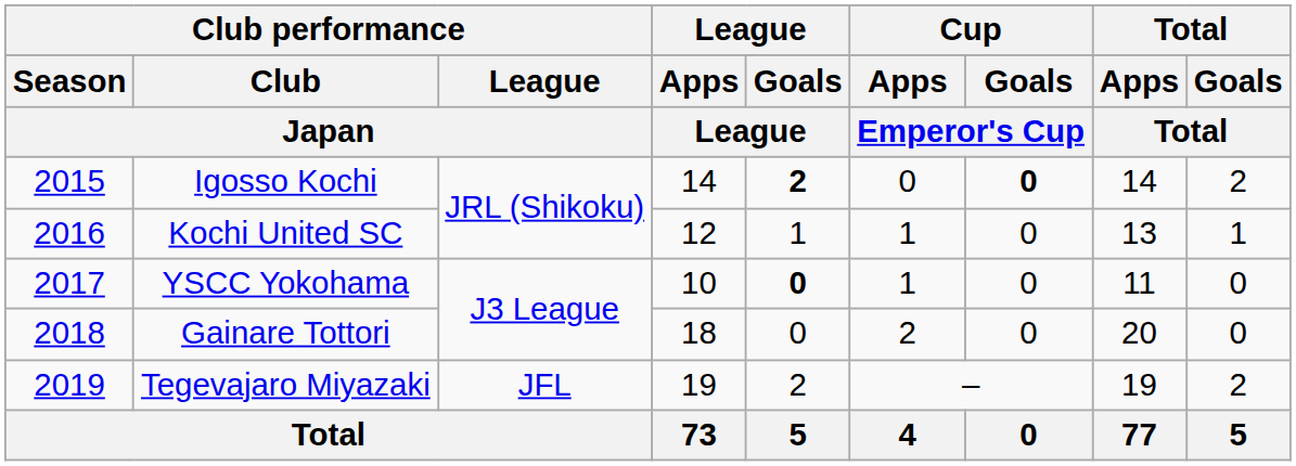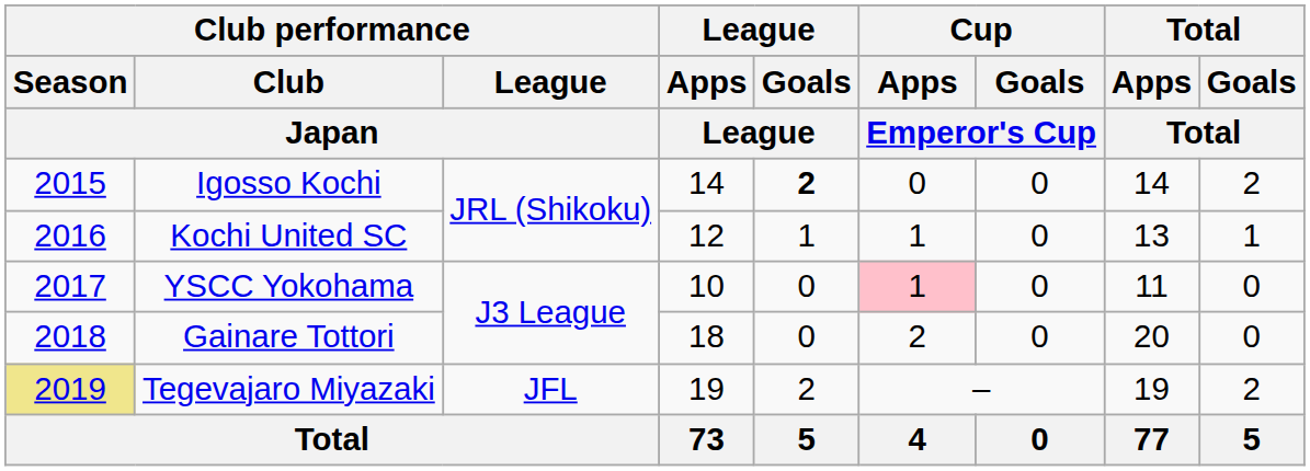 <table class="wikitable" style="text-align:center;">
 <tr>
 <th colspan=3>Club performance</th>
 <th colspan=2>League</th>
 <th colspan=2>Cup</th>
 <th colspan=2>Total</th>
 </tr>
 <tr>
 <th>Season</th>
 <th>Club</th>
 <th>League</th>
 <th>Apps</th>
 <th>Goals</th>
 <th>Apps</th>
 <th>Goals</th>
 <th>Apps</th>
 <th>Goals</th>
 </tr>
 <tr>
 <th colspan=3>Japan</th>
 <th colspan=2>League</th>
 <th colspan=2><a href='#'>Emperor's Cup</a></th>
 <th colspan=2>Total</th>
 </tr>
 <tr>
 <td><a href='#'>2015</a></td>
 <td><a href='#'>Igosso Kochi</a></td>
 <td rowspan="2"><a href='#'>JRL (Shikoku)</a></td>
 <td>14</td>
 <td><strong>2</strong></td>
 <td>0</td>
-<td><strong>0</strong></td>
+<td>0</td>
 <td>14</td>
 <td>2</td>
 </tr>
 <tr>
 <td><a href='#'>2016</a></td>
 <td><a href='#'>Kochi United SC</a></td>
 <td>12</td>
 <td>1</td>
 <td>1</td>
 <td>0</td>
 <td>13</td>
 <td>1</td>
 </tr>
 <tr>
 <td><a href='#'>2017</a></td>
 <td><a href='#'>YSCC Yokohama</a></td>
 <td rowspan="2"><a href='#'>J3 League</a></td>
 <td>10</td>
-<td><strong>0</strong></td>
-<td>1</td>
+<td>0</td>
+<td style="background: pink;">1</td>
 <td>0</td>
 <td>11</td>
 <td>0</td>
 </tr>
 <tr>
 <td><a href='#'>2018</a></td>
 <td><a href='#'>Gainare Tottori</a></td>
 <td>18</td>
 <td>0</td>
 <td>2</td>
 <td>0</td>
 <td>20</td>
 <td>0</td>
 </tr>
 <tr>
-<td><a href='#'>2019</a></td>
+<td style="background: khaki;"><a href='#'>2019</a></td>
 <td rowspan="1"><a href='#'>Tegevajaro Miyazaki</a></td>
 <td rowspan="1"><a href='#'>JFL</a></td>
 <td>19</td>
 <td>2</td>
 <td colspan="2">–</td>
 <td>19</td>
 <td>2</td>
 </tr>
 <tr>
 <th colspan=3>Total</th>
 <th>73</th>
 <th>5</th>
 <th>4</th>
 <th>0</th>
 <th>77</th>
 <th>5</th>
 </tr>
 </table>
